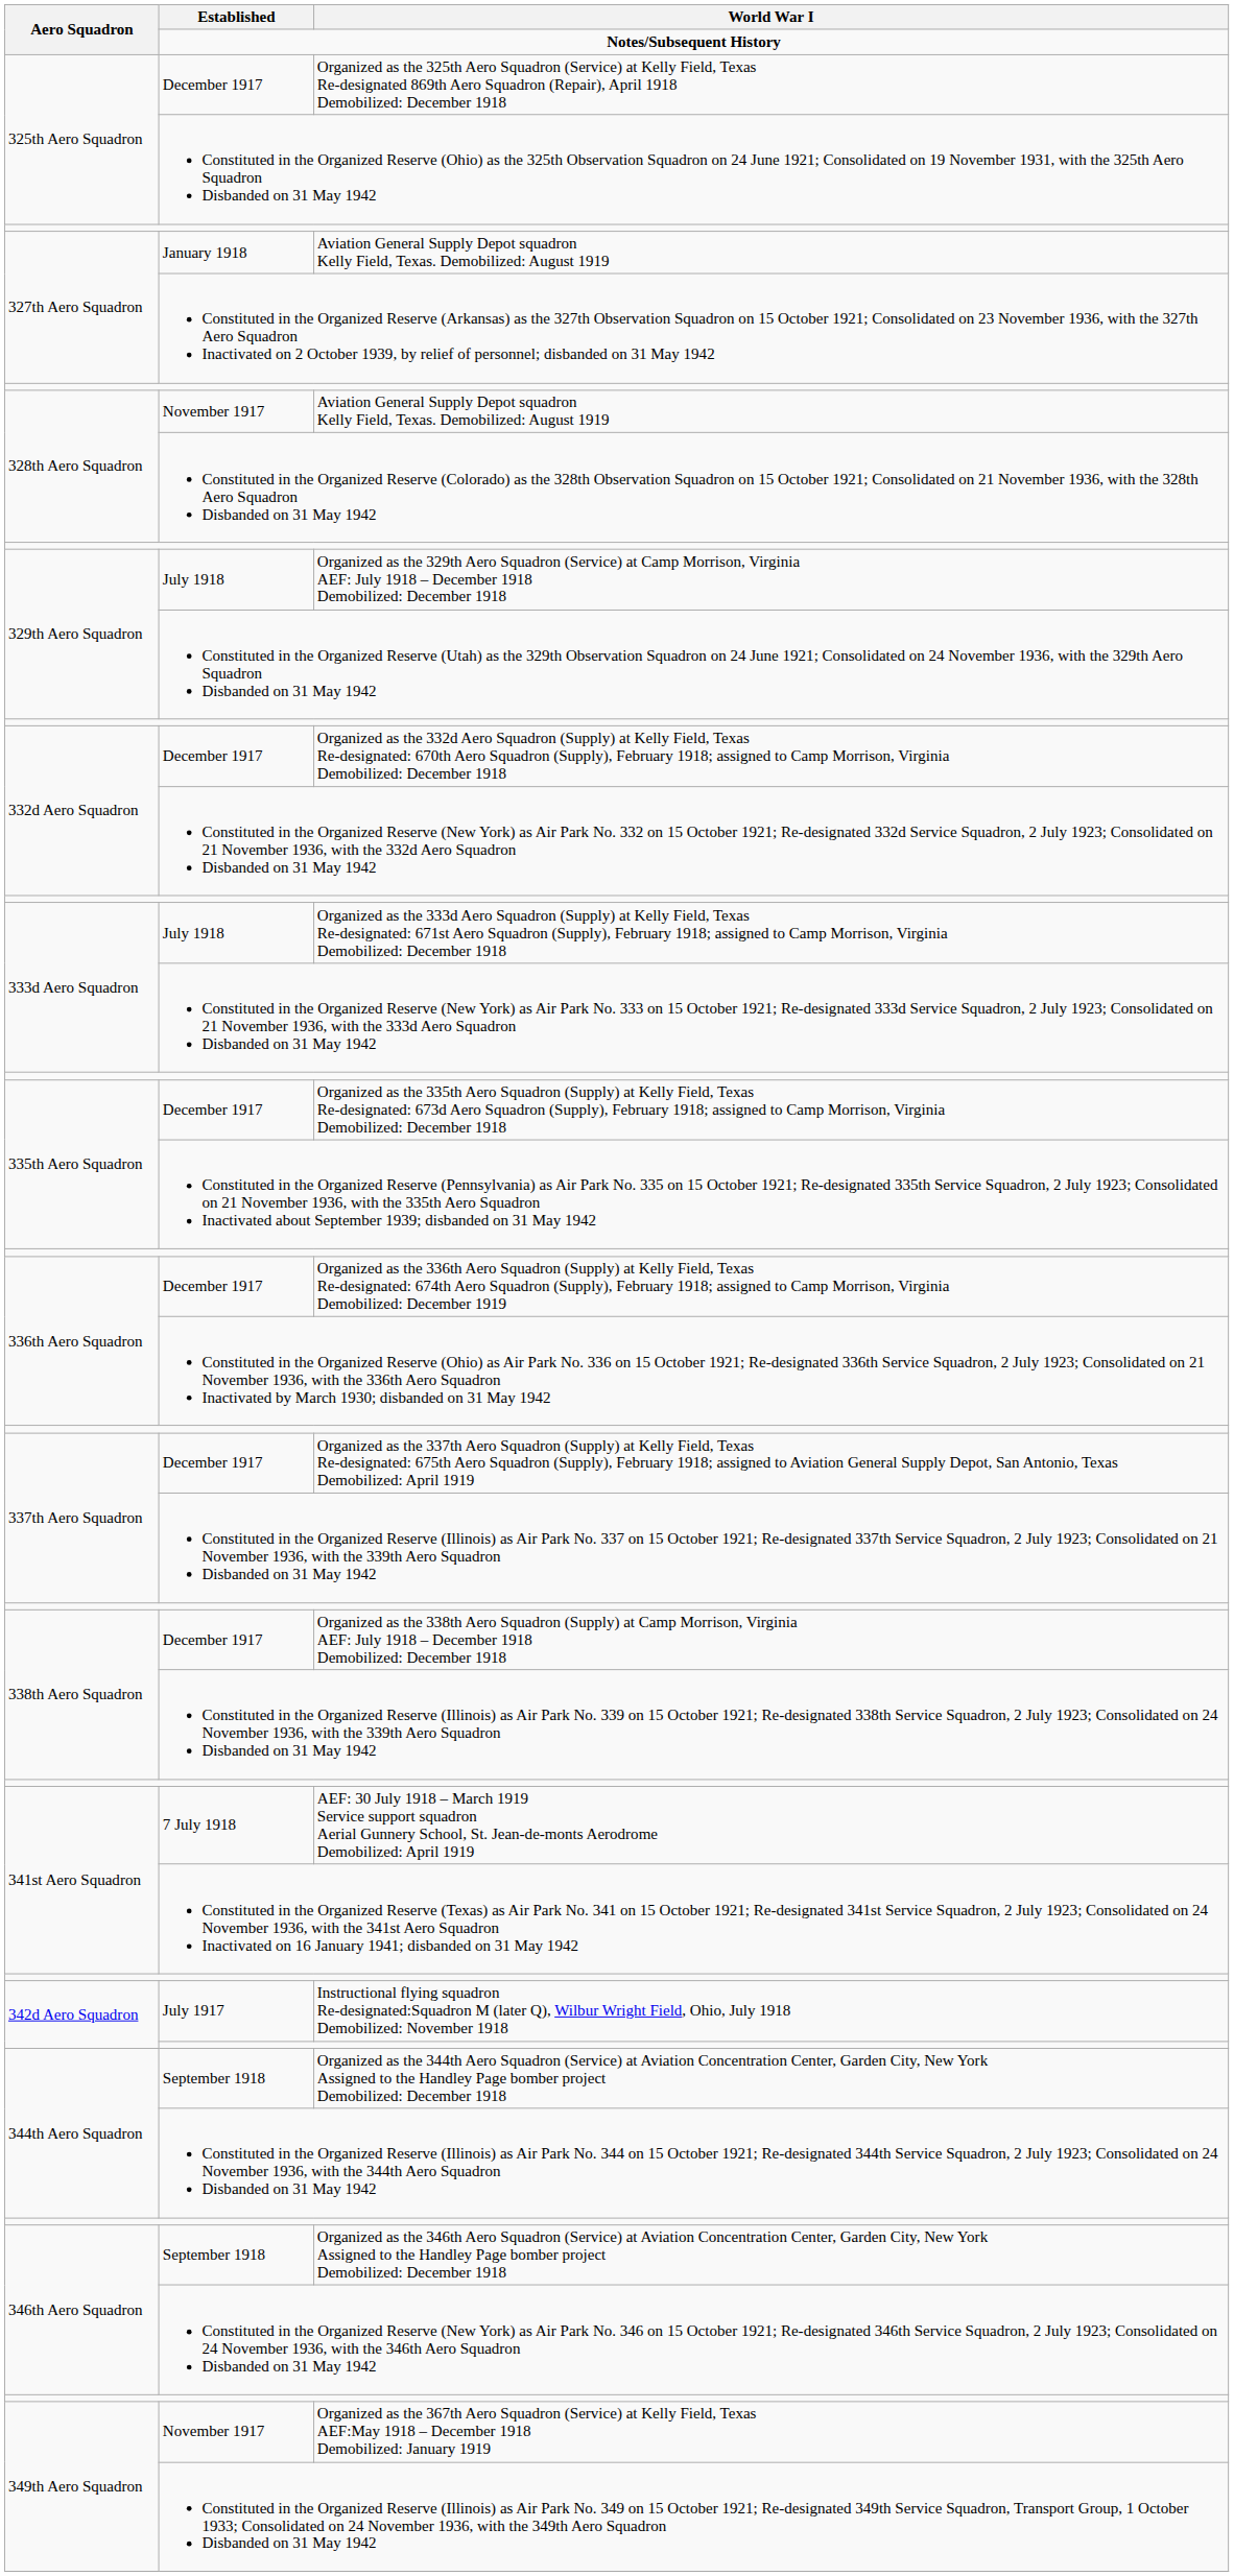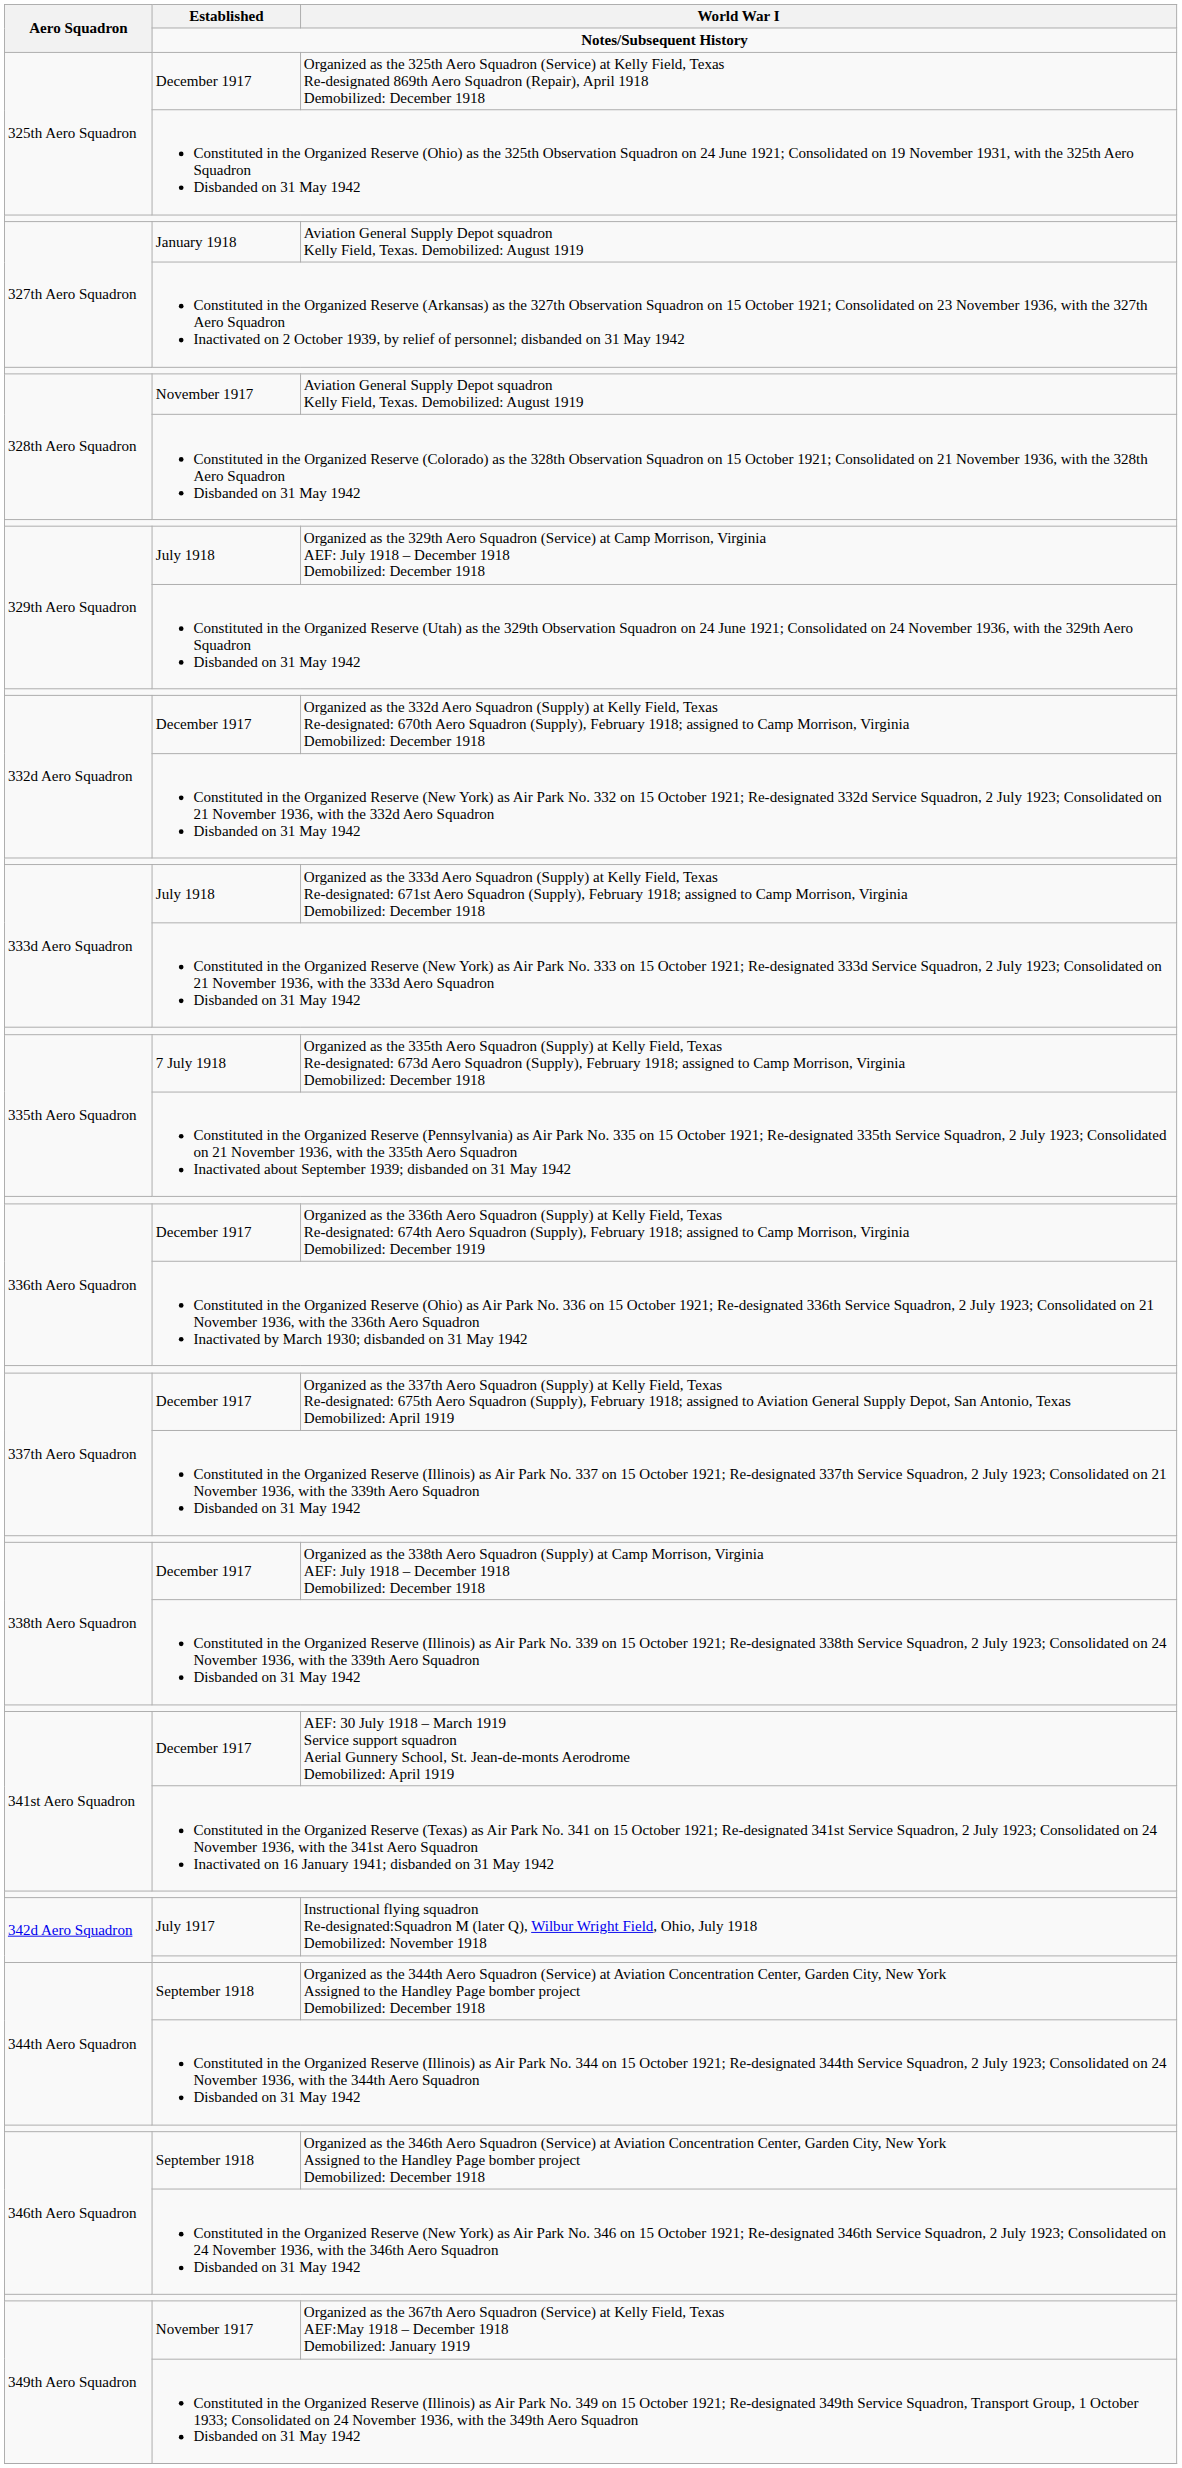 <table class="wikitable">
 <tr>
 <th rowspan=2 scope="col" width="150">Aero Squadron</th>
 <th scope="col" width="150">Established</th>
 <th scope="col">World War I</th>
 </tr>
 <tr>
 <td colspan=3 style="text-align:center;"><strong>Notes/Subsequent History</strong></td>
 </tr>
 <tr valign="center">
 <td rowspan=2>325th Aero Squadron</td>
 <td>December 1917</td>
 <td>Organized as the 325th Aero Squadron (Service) at Kelly Field, Texas<br>Re-designated 869th Aero Squadron (Repair), April 1918<br>Demobilized: December 1918</td>
 </tr>
 <tr>
 <td colspan=3><br><ul><li>Constituted in the Organized Reserve (Ohio) as the 325th Observation Squadron on 24 June 1921; Consolidated on 19 November 1931, with the 325th Aero Squadron</li><li>Disbanded on 31 May 1942</li></ul></td>
 </tr>
 <tr>
 <td colspan=3></td>
 </tr>
 <tr valign="center">
 <td rowspan=2>327th Aero Squadron</td>
 <td>January 1918</td>
 <td>Aviation General Supply Depot squadron<br>Kelly Field, Texas.  Demobilized: August 1919  </td>
 </tr>
 <tr>
 <td colspan=3><br><ul><li>Constituted in the Organized Reserve (Arkansas) as the 327th Observation Squadron on 15 October 1921; Consolidated on 23 November 1936, with the 327th Aero Squadron</li><li>Inactivated on 2 October 1939, by relief of personnel; disbanded on 31 May 1942</li></ul></td>
 </tr>
 <tr>
 <td colspan=3></td>
 </tr>
 <tr valign="center">
 <td rowspan=2>328th Aero Squadron</td>
 <td>November 1917</td>
 <td>Aviation General Supply Depot squadron<br>Kelly Field, Texas.  Demobilized: August 1919 </td>
 </tr>
 <tr>
 <td colspan=3><br><ul><li>Constituted in the Organized Reserve (Colorado) as the 328th Observation Squadron on 15 October 1921; Consolidated on 21 November 1936, with the 328th Aero Squadron</li><li>Disbanded on 31 May 1942</li></ul></td>
 </tr>
 <tr>
 <td colspan=3></td>
 </tr>
 <tr valign="center">
 <td rowspan=2>329th Aero Squadron</td>
 <td>July 1918</td>
 <td>Organized as the 329th Aero Squadron (Service) at Camp Morrison, Virginia<br>AEF: July 1918 – December 1918<br>Demobilized: December 1918</td>
 </tr>
 <tr>
 <td colspan=3><br><ul><li>Constituted in the Organized Reserve (Utah) as the 329th Observation Squadron on 24 June 1921; Consolidated on 24 November 1936, with the 329th Aero Squadron</li><li>Disbanded on 31 May 1942</li></ul></td>
 </tr>
 <tr>
 <td colspan=3></td>
 </tr>
 <tr valign="center">
 <td rowspan=2>332d Aero Squadron</td>
 <td>December 1917</td>
 <td>Organized as the 332d Aero Squadron (Supply) at Kelly Field, Texas<br>Re-designated: 670th Aero Squadron (Supply), February 1918; assigned to Camp Morrison, Virginia<br>Demobilized: December 1918</td>
 </tr>
 <tr>
 <td colspan=3><br><ul><li>Constituted in the Organized Reserve (New York) as Air Park No. 332 on 15 October 1921; Re-designated 332d Service Squadron, 2 July 1923; Consolidated on 21 November 1936, with the 332d Aero Squadron</li><li>Disbanded on 31 May 1942</li></ul></td>
 </tr>
 <tr>
 <td colspan=3></td>
 </tr>
 <tr valign="center">
 <td rowspan=2>333d Aero Squadron</td>
 <td>July 1918</td>
 <td>Organized as the 333d Aero Squadron (Supply) at Kelly Field, Texas<br>Re-designated: 671st Aero Squadron (Supply), February 1918; assigned to Camp Morrison, Virginia<br>Demobilized: December 1918</td>
 </tr>
 <tr>
 <td colspan=3><br><ul><li>Constituted in the Organized Reserve (New York) as Air Park No. 333 on 15 October 1921; Re-designated 333d Service Squadron, 2 July 1923; Consolidated on 21 November 1936, with the 333d Aero Squadron</li><li>Disbanded on 31 May 1942</li></ul></td>
 </tr>
 <tr>
 <td colspan=3></td>
 </tr>
 <tr valign="center">
 <td rowspan=2>335th Aero Squadron</td>
-<td>December 1917</td>
+<td>7 July 1918</td>
 <td>Organized as the 335th Aero Squadron (Supply) at Kelly Field, Texas<br>Re-designated: 673d Aero Squadron (Supply), February 1918; assigned to Camp Morrison, Virginia<br>Demobilized: December 1918</td>
 </tr>
 <tr>
 <td colspan=3><br><ul><li>Constituted in the Organized Reserve (Pennsylvania) as Air Park No. 335 on 15 October 1921; Re-designated 335th Service Squadron, 2 July 1923; Consolidated on 21 November 1936, with the 335th Aero Squadron</li><li>Inactivated about September 1939; disbanded on 31 May 1942</li></ul></td>
 </tr>
 <tr>
 <td colspan=3></td>
 </tr>
 <tr valign="center">
 <td rowspan=2>336th Aero Squadron</td>
 <td>December 1917</td>
 <td>Organized as the 336th Aero Squadron (Supply) at Kelly Field, Texas<br>Re-designated: 674th Aero Squadron (Supply), February 1918; assigned to Camp Morrison, Virginia<br>Demobilized: December 1919</td>
 </tr>
 <tr>
 <td colspan=3><br><ul><li>Constituted in the Organized Reserve (Ohio) as Air Park No. 336 on 15 October 1921; Re-designated 336th Service Squadron, 2 July 1923; Consolidated on 21 November 1936, with the 336th Aero Squadron</li><li>Inactivated by March 1930; disbanded on 31 May 1942</li></ul></td>
 </tr>
 <tr>
 <td colspan=3></td>
 </tr>
 <tr valign="center">
 <td rowspan=2>337th Aero Squadron</td>
 <td>December 1917</td>
 <td>Organized as the 337th Aero Squadron (Supply) at Kelly Field, Texas<br>Re-designated: 675th Aero Squadron (Supply), February 1918; assigned to Aviation General Supply Depot, San Antonio, Texas<br>Demobilized: April 1919</td>
 </tr>
 <tr>
 <td colspan=3><br><ul><li>Constituted in the Organized Reserve (Illinois) as Air Park No. 337 on 15 October 1921; Re-designated 337th Service Squadron, 2 July 1923; Consolidated on 21 November 1936, with the 339th Aero Squadron</li><li>Disbanded on 31 May 1942</li></ul></td>
 </tr>
 <tr>
 <td colspan=3></td>
 </tr>
 <tr valign="center">
 <td rowspan=2>338th Aero Squadron</td>
 <td>December 1917</td>
 <td>Organized as the 338th Aero Squadron (Supply) at Camp Morrison, Virginia<br>AEF: July 1918 – December 1918<br>Demobilized: December 1918</td>
 </tr>
 <tr>
 <td colspan=3><br><ul><li>Constituted in the Organized Reserve (Illinois) as Air Park No. 339 on 15 October 1921; Re-designated 338th Service Squadron, 2 July 1923; Consolidated on 24 November 1936, with the 339th Aero Squadron</li><li>Disbanded on 31 May 1942</li></ul></td>
 </tr>
 <tr>
 <td colspan=3></td>
 </tr>
 <tr valign="center">
 <td rowspan=2>341st Aero Squadron</td>
-<td>7 July 1918</td>
+<td>December 1917</td>
 <td>AEF:  30 July 1918 – March 1919 <br>Service support squadron<br>Aerial Gunnery School, St. Jean-de-monts Aerodrome<br>Demobilized: April 1919</td>
 </tr>
 <tr>
 <td colspan=3><br><ul><li>Constituted in the Organized Reserve (Texas) as Air Park No. 341 on 15 October 1921; Re-designated 341st Service Squadron, 2 July 1923; Consolidated on 24 November 1936, with the 341st Aero Squadron</li><li>Inactivated on 16 January 1941; disbanded on 31 May 1942</li></ul></td>
 </tr>
 <tr>
 <td colspan=3></td>
 </tr>
 <tr valign="center">
 <td rowspan=2><a href='#'>342d Aero Squadron</a></td>
 <td>July 1917</td>
 <td>Instructional flying squadron<br>Re-designated:Squadron M (later Q), <a href='#'>Wilbur Wright Field</a>, Ohio, July 1918<br>Demobilized: November 1918 </td>
 </tr>
 <tr>
 <td colspan=3></td>
 </tr>
 <tr valign="center">
 <td rowspan=2>344th Aero Squadron</td>
 <td>September 1918</td>
 <td>Organized as the 344th Aero Squadron (Service) at Aviation Concentration Center, Garden City, New York<br>Assigned to the Handley Page bomber project<br>Demobilized: December 1918</td>
 </tr>
 <tr>
 <td colspan=3><br><ul><li>Constituted in the Organized Reserve (Illinois) as Air Park No. 344 on 15 October 1921; Re-designated 344th Service Squadron, 2 July 1923; Consolidated on 24 November 1936, with the 344th Aero Squadron</li><li>Disbanded on 31 May 1942</li></ul></td>
 </tr>
 <tr>
 <td colspan=3></td>
 </tr>
 <tr valign="center">
 <td rowspan=2>346th Aero Squadron</td>
 <td>September 1918</td>
 <td>Organized as the 346th Aero Squadron (Service) at Aviation Concentration Center, Garden City, New York<br>Assigned to the Handley Page bomber project<br>Demobilized: December 1918</td>
 </tr>
 <tr>
 <td colspan=3><br><ul><li>Constituted in the Organized Reserve (New York) as Air Park No. 346 on 15 October 1921; Re-designated 346th Service Squadron, 2 July 1923; Consolidated on 24 November 1936, with the 346th Aero Squadron</li><li>Disbanded on 31 May 1942</li></ul></td>
 </tr>
 <tr>
 <td colspan=3></td>
 </tr>
 <tr valign="center">
 <td rowspan=2>349th Aero Squadron</td>
 <td>November 1917</td>
 <td>Organized as the 367th Aero Squadron (Service) at Kelly Field, Texas<br>AEF:May 1918 – December 1918<br> Demobilized: January 1919</td>
 </tr>
 <tr>
 <td colspan=3><br><ul><li>Constituted in the Organized Reserve (Illinois) as Air Park No. 349 on 15 October 1921; Re-designated 349th Service Squadron, Transport Group, 1 October 1933; Consolidated on 24 November 1936, with the 349th Aero Squadron</li><li>Disbanded on 31 May 1942</li></ul></td>
 </tr>
 <tr>
 </tr>
 </table>
